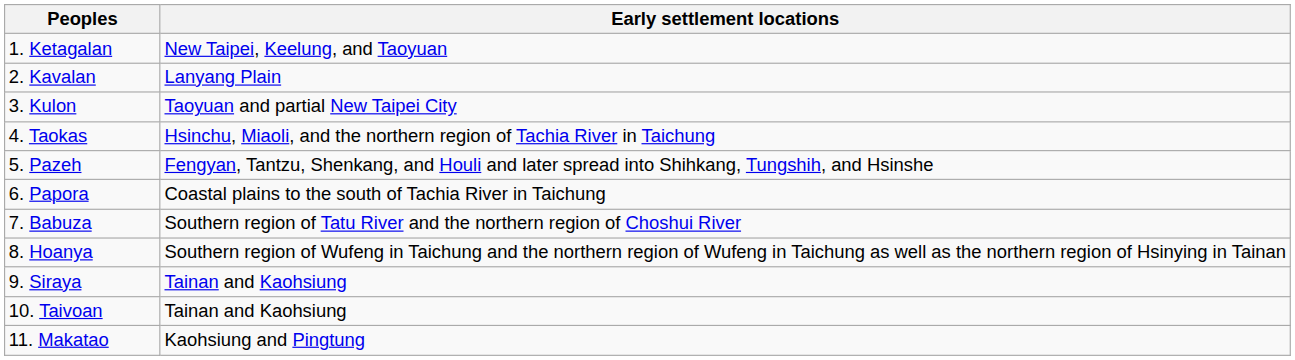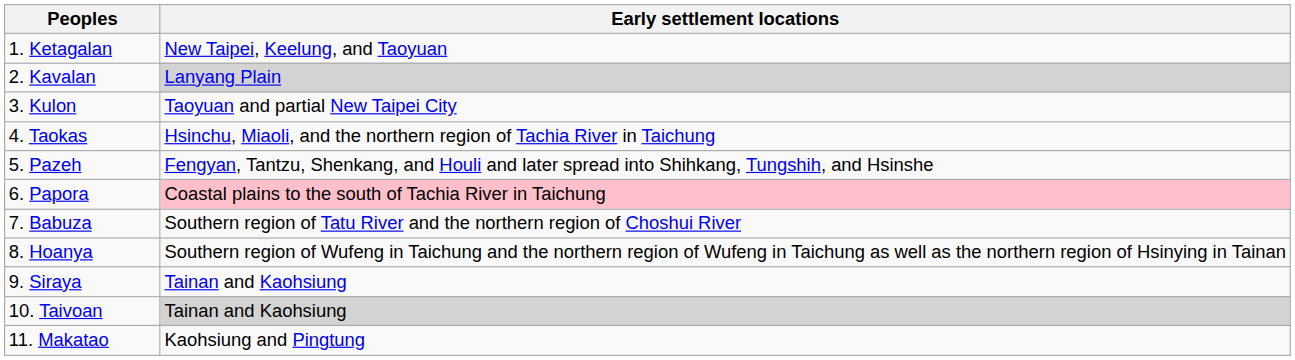 <table class="wikitable">
 <tr>
 <th style="width:8em">Peoples</th>
 <th>Early settlement locations</th>
 </tr>
 <tr>
 <td>1. <a href='#'>Ketagalan</a></td>
 <td><a href='#'>New Taipei</a>, <a href='#'>Keelung</a>, and <a href='#'>Taoyuan</a></td>
 </tr>
 <tr>
 <td>2. <a href='#'>Kavalan</a></td>
-<td><a href='#'>Lanyang Plain</a></td>
+<td style="background: lightgrey;"><a href='#'>Lanyang Plain</a></td>
 </tr>
 <tr>
 <td>3. <a href='#'>Kulon</a></td>
 <td><a href='#'>Taoyuan</a> and partial <a href='#'>New Taipei City</a></td>
 </tr>
 <tr>
 <td>4. <a href='#'>Taokas</a></td>
 <td><a href='#'>Hsinchu</a>, <a href='#'>Miaoli</a>, and the northern region of <a href='#'>Tachia River</a> in <a href='#'>Taichung</a></td>
 </tr>
 <tr>
 <td>5. <a href='#'>Pazeh</a></td>
 <td><a href='#'>Fengyan</a>, Tantzu, Shenkang, and <a href='#'>Houli</a> and later spread into Shihkang, <a href='#'>Tungshih</a>, and Hsinshe</td>
 </tr>
 <tr>
 <td>6. <a href='#'>Papora</a></td>
-<td>Coastal plains to the south of Tachia River in Taichung</td>
+<td style="background: pink;">Coastal plains to the south of Tachia River in Taichung</td>
 </tr>
 <tr>
 <td>7. <a href='#'>Babuza</a></td>
 <td>Southern region of <a href='#'>Tatu River</a> and the northern region of <a href='#'>Choshui River</a></td>
 </tr>
 <tr>
 <td>8. <a href='#'>Hoanya</a></td>
 <td>Southern region of Wufeng in Taichung and the northern region of Wufeng in Taichung as well as the northern region of Hsinying in Tainan</td>
 </tr>
 <tr>
 <td>9. <a href='#'>Siraya</a></td>
 <td><a href='#'>Tainan</a> and <a href='#'>Kaohsiung</a></td>
 </tr>
 <tr>
 <td>10. <a href='#'>Taivoan</a></td>
-<td>Tainan and Kaohsiung</td>
+<td style="background: lightgrey;">Tainan and Kaohsiung</td>
 </tr>
 <tr>
 <td>11. <a href='#'>Makatao</a></td>
 <td>Kaohsiung and <a href='#'>Pingtung</a></td>
 </tr>
 </table>
